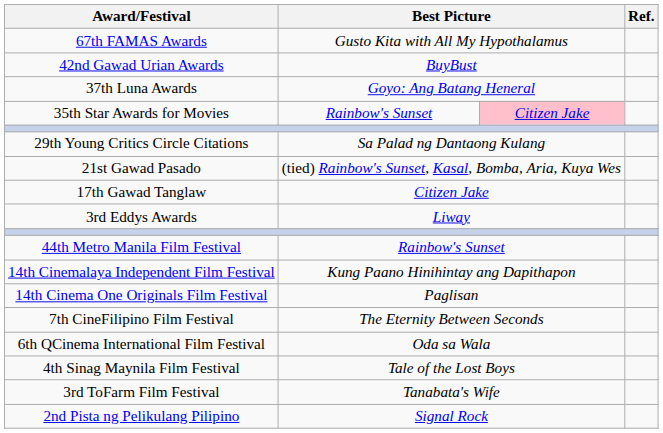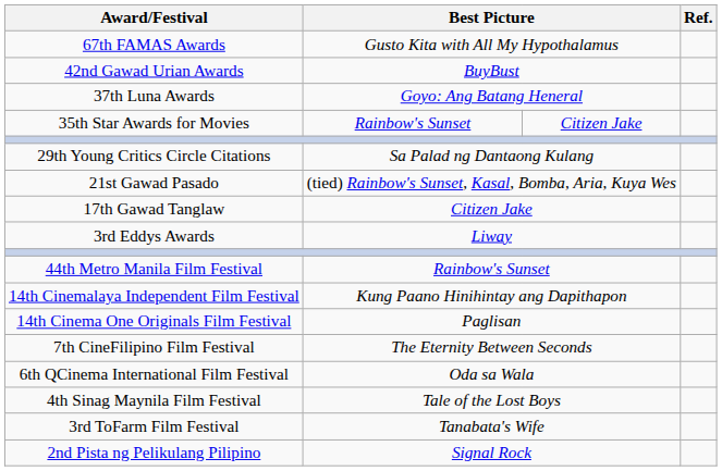 <table class="wikitable"  style="text-align:center">
 <tr>
 <th>Award/Festival</th>
 <th colspan=2>Best Picture</th>
 <th>Ref.</th>
 </tr>
 <tr>
 <td><a href='#'>67th FAMAS Awards</a></td>
 <td colspan=2><em>Gusto Kita with All My Hypothalamus</em></td>
 <td></td>
 </tr>
 <tr>
 <td><a href='#'>42nd Gawad Urian Awards</a></td>
 <td colspan=2><em><a href='#'>BuyBust</a></em></td>
 <td></td>
 </tr>
 <tr>
 <td>37th Luna Awards</td>
 <td colspan=2><em><a href='#'>Goyo: Ang Batang Heneral</a></em></td>
 <td></td>
 </tr>
 <tr>
 <td>35th Star Awards for Movies</td>
 <td><em><a href='#'>Rainbow's Sunset</a></em></td>
-<td style="background: pink;"><em><a href='#'>Citizen Jake</a></em></td>
+<td><em><a href='#'>Citizen Jake</a></em></td>
 <td></td>
 </tr>
 <tr>
 <td style="background:#c5d2ea; text-align:center;" colspan=4></td>
 </tr>
 <tr>
 <td>29th Young Critics Circle Citations</td>
 <td colspan=2><em>Sa Palad ng Dantaong Kulang</em></td>
 <td></td>
 </tr>
 <tr>
 <td>21st Gawad Pasado</td>
 <td colspan=2>(tied) <em><a href='#'>Rainbow's Sunset</a></em>, <em><a href='#'>Kasal</a></em>, <em>Bomba</em>, <em>Aria</em>, <em>Kuya Wes</em></td>
 <td></td>
 </tr>
 <tr>
 <td>17th Gawad Tanglaw</td>
 <td colspan=2><em><a href='#'>Citizen Jake</a></em></td>
 <td></td>
 </tr>
 <tr>
 <td>3rd Eddys Awards</td>
 <td colspan=2><em><a href='#'>Liway</a></em></td>
 <td></td>
 </tr>
 <tr>
 <td style="background:#c5d2ea; text-align:center;" colspan=4></td>
 </tr>
 <tr>
 <td><a href='#'>44th Metro Manila Film Festival</a></td>
 <td colspan=2><em><a href='#'>Rainbow's Sunset</a></em></td>
 <td></td>
 </tr>
 <tr>
 <td><a href='#'>14th Cinemalaya Independent Film Festival</a></td>
 <td colspan=2><em>Kung Paano Hinihintay ang Dapithapon</em></td>
 <td></td>
 </tr>
 <tr>
 <td><a href='#'>14th Cinema One Originals Film Festival</a></td>
 <td colspan=2><em>Paglisan</em></td>
 <td></td>
 </tr>
 <tr>
 <td>7th CineFilipino Film Festival</td>
 <td colspan=2><em>The Eternity Between Seconds</em></td>
 <td></td>
 </tr>
 <tr>
 <td>6th QCinema International Film Festival</td>
 <td colspan=2><em>Oda sa Wala</em></td>
 <td></td>
 </tr>
 <tr>
 <td>4th Sinag Maynila Film Festival</td>
 <td colspan=2><em>Tale of the Lost Boys</em></td>
 <td></td>
 </tr>
 <tr>
 <td>3rd ToFarm Film Festival</td>
 <td colspan=2><em>Tanabata's Wife</em></td>
 <td></td>
 </tr>
 <tr>
 <td><a href='#'>2nd Pista ng Pelikulang Pilipino</a></td>
 <td colspan=2><em><a href='#'>Signal Rock</a></em></td>
 <td></td>
 </tr>
 </table>
